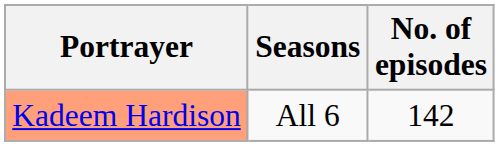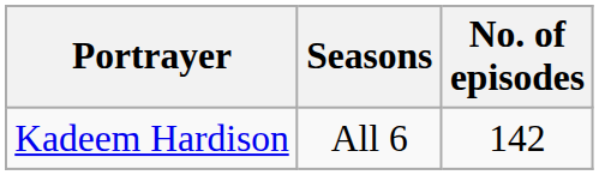 <table class="wikitable" style="text-align:justify;">
 <tr>
 <th>Portrayer</th>
 <th>Seasons</th>
 <th>No. of <br>episodes</th>
 </tr>
 <tr>
-<td style="background: lightsalmon;"><a href='#'>Kadeem Hardison</a></td>
+<td><a href='#'>Kadeem Hardison</a></td>
 <td align="center">All 6</td>
 <td align="center">142</td>
 </tr>
 </table>
